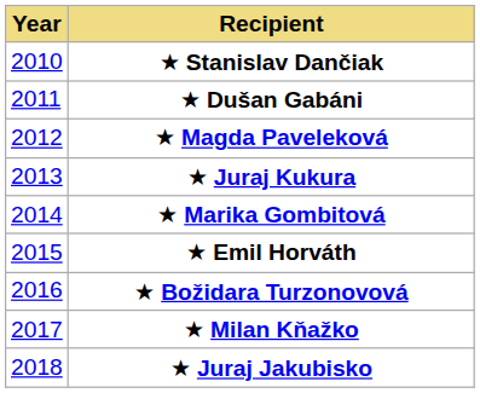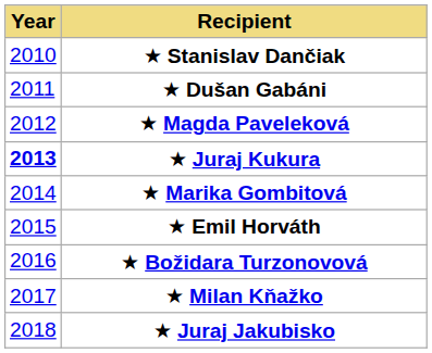 <table class=wikitable sortable style="background:white">
 <tr>
 <th style=background:#F0DC82>Year</th>
 <th style=background:#F0DC82 width=273>Recipient</th>
 </tr>
 <tr>
 <td><a href='#'>2010</a></td>
 <td align=center>★ <strong>Stanislav Dančiak</strong></td>
 </tr>
 <tr>
 <td><a href='#'>2011</a></td>
 <td align=center>★ <strong>Dušan Gabáni</strong></td>
 </tr>
 <tr>
 <td><a href='#'>2012</a></td>
 <td align=center>★ <strong><a href='#'>Magda Paveleková</a></strong></td>
 </tr>
 <tr>
-<td><a href='#'>2013</a></td>
+<td><strong><a href='#'>2013</a></strong></td>
 <td align=center>★ <strong><a href='#'>Juraj Kukura</a></strong></td>
 </tr>
 <tr>
 <td><a href='#'>2014</a></td>
 <td align=center>★ <strong><a href='#'>Marika Gombitová</a></strong></td>
 </tr>
 <tr>
 <td><a href='#'>2015</a></td>
 <td align=center>★ <strong>Emil Horváth</strong></td>
 </tr>
 <tr>
 <td><a href='#'>2016</a></td>
 <td align=center>★ <strong><a href='#'>Božidara Turzonovová</a></strong></td>
 </tr>
 <tr>
 <td><a href='#'>2017</a></td>
 <td align=center>★ <strong><a href='#'>Milan Kňažko</a></strong></td>
 </tr>
 <tr>
 <td><a href='#'>2018</a></td>
 <td align=center>★ <strong><a href='#'>Juraj Jakubisko</a></strong></td>
 </tr>
 </table>
